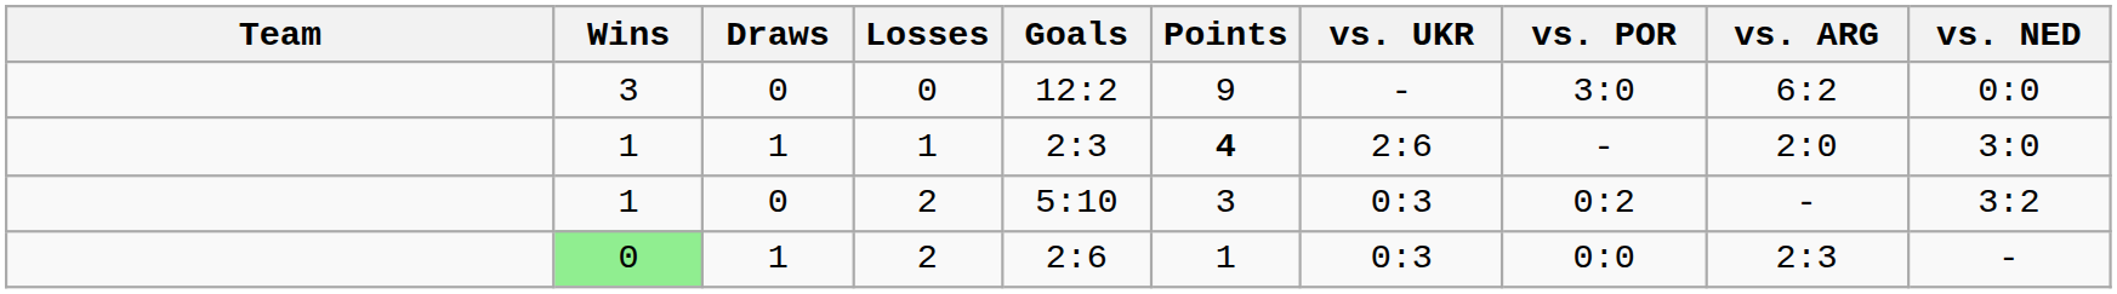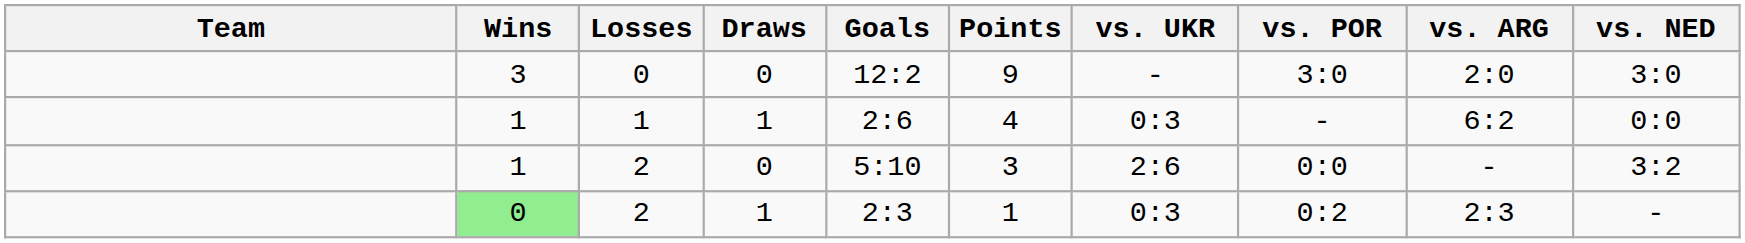 <table class="wikitable" style="text-align:center;">
 <tr>
 <th width=200>Team</th>
 <th width=50>Wins</th>
+<th width=50>Losses</th>
 <th width=50>Draws</th>
-<th width=50>Losses</th>
 <th width=50>Goals</th>
 <th width=50>Points</th>
 <th width=70>vs. UKR</th>
 <th width=70>vs. POR</th>
 <th width=70>vs. ARG</th>
 <th width=70>vs. NED</th>
 </tr>
 <tr>
 <td align=left></td>
 <td>3</td>
 <td>0</td>
 <td>0</td>
 <td>12:2</td>
 <td>9</td>
 <td>-</td>
 <td>3:0</td>
+<td>2:0</td>
+<td>3:0</td>
+</tr>
+<tr>
+<td align=left></td>
+<td>1</td>
+<td>1</td>
+<td>1</td>
+<td>2:6</td>
+<td>4</td>
+<td>0:3</td>
+<td>-</td>
 <td>6:2</td>
 <td>0:0</td>
 </tr>
 <tr>
 <td align=left></td>
 <td>1</td>
-<td>1</td>
-<td>1</td>
-<td>2:3</td>
-<td><strong>4</strong></td>
-<td>2:6</td>
-<td>-</td>
-<td>2:0</td>
-<td>3:0</td>
-</tr>
-<tr>
-<td align=left></td>
-<td>1</td>
+<td>2</td>
 <td>0</td>
-<td>2</td>
 <td>5:10</td>
 <td>3</td>
-<td>0:3</td>
-<td>0:2</td>
+<td>2:6</td>
+<td>0:0</td>
 <td>-</td>
 <td>3:2</td>
 </tr>
 <tr>
 <td align=left></td>
 <td style="background: lightgreen;">0</td>
+<td>2</td>
 <td>1</td>
-<td>2</td>
-<td>2:6</td>
+<td>2:3</td>
 <td>1</td>
 <td>0:3</td>
-<td>0:0</td>
+<td>0:2</td>
 <td>2:3</td>
 <td>-</td>
 </tr>
 </table>
